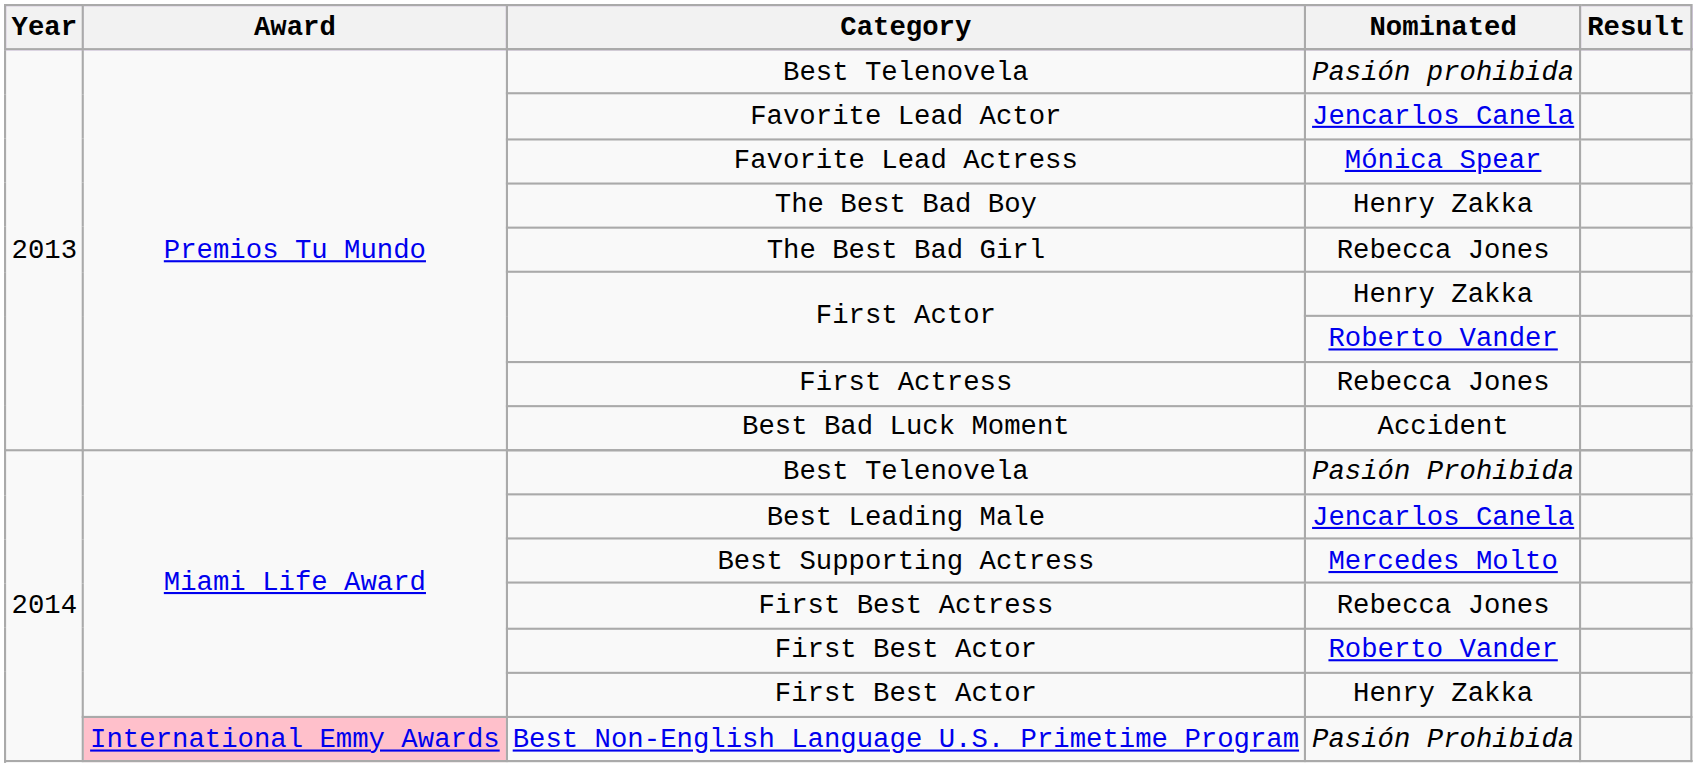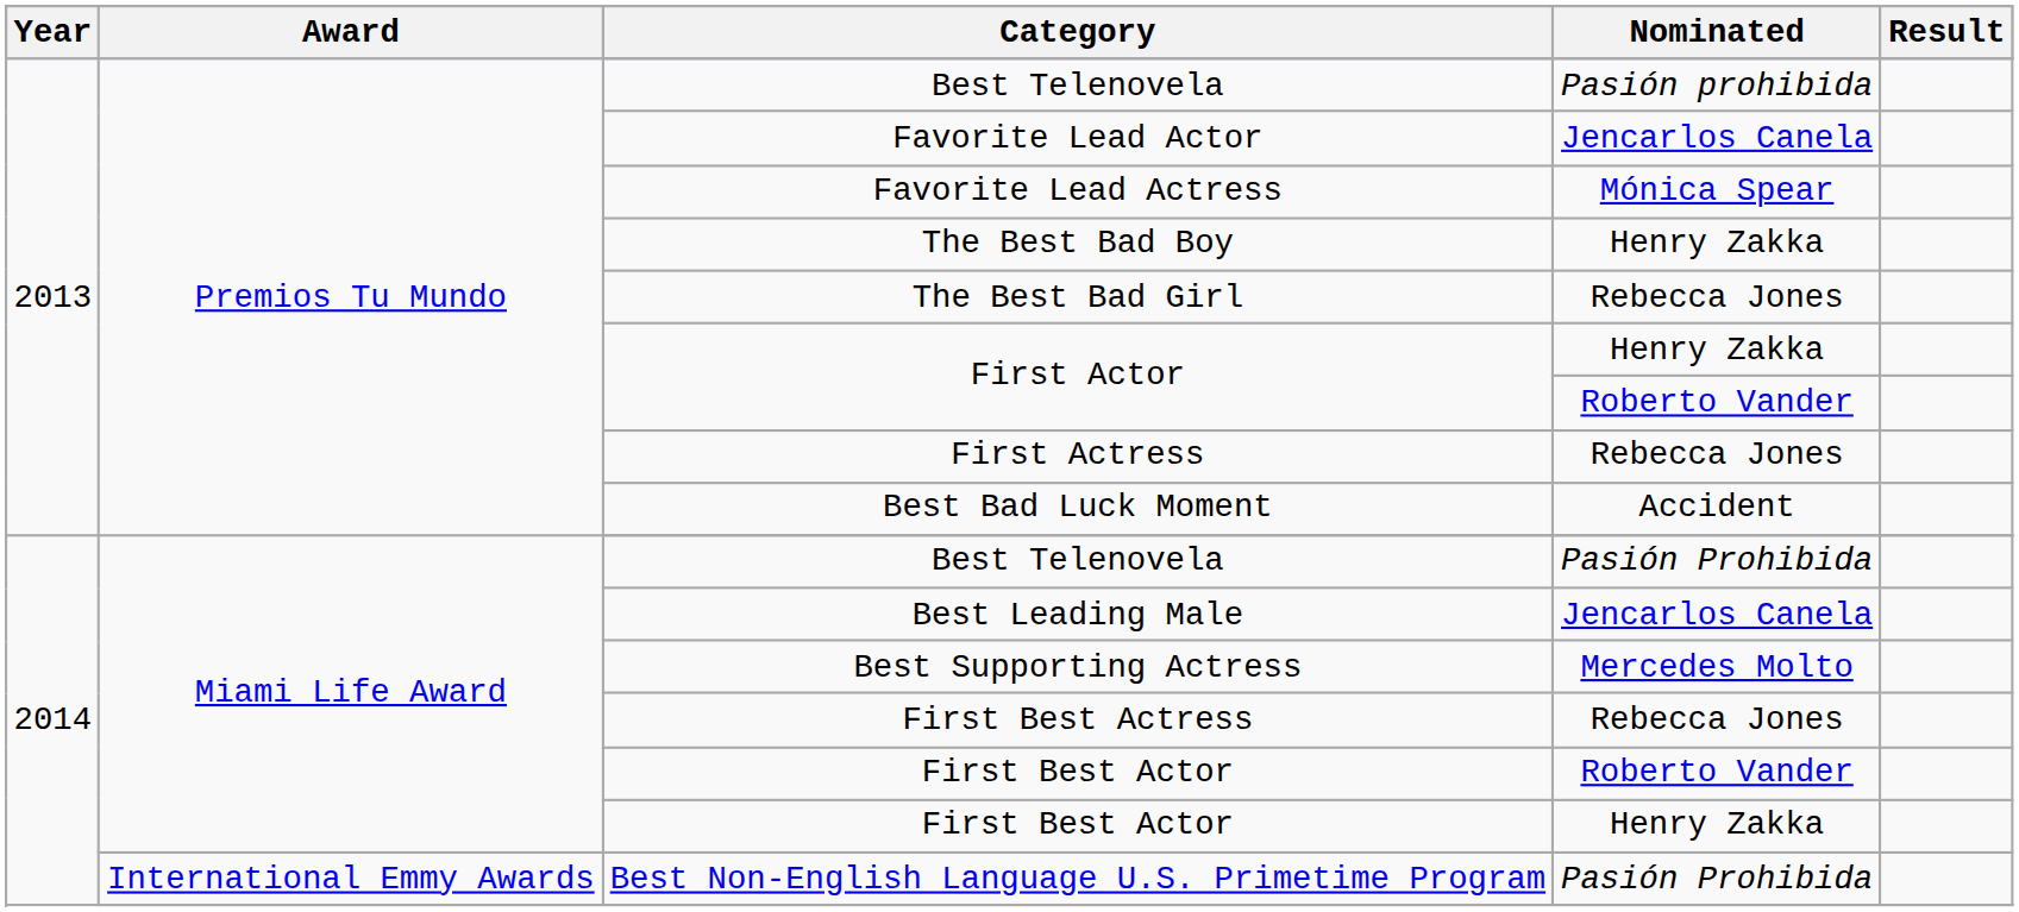 <table class="wikitable plainrowheaders" style="text-align:center">
 <tr style="background:#96c;">
 <th scope="col">Year</th>
 <th scope="col">Award</th>
 <th scope="col">Category</th>
 <th scope="col">Nominated</th>
 <th scope="col">Result</th>
 </tr>
 <tr>
 <td rowspan="10">2013</td>
 <td rowspan="10"><a href='#'>Premios Tu Mundo</a></td>
 </tr>
 <tr>
 <td>Best Telenovela</td>
 <td><em>Pasión prohibida</em></td>
 <td></td>
 </tr>
 <tr>
 <td>Favorite Lead Actor</td>
 <td><a href='#'>Jencarlos Canela</a></td>
 <td></td>
 </tr>
 <tr>
 <td>Favorite Lead Actress</td>
 <td><a href='#'>Mónica Spear</a></td>
 <td></td>
 </tr>
 <tr>
 <td>The Best Bad Boy</td>
 <td>Henry Zakka</td>
 <td></td>
 </tr>
 <tr>
 <td>The Best Bad Girl</td>
 <td>Rebecca Jones</td>
 <td></td>
 </tr>
 <tr>
 <td rowspan="2">First Actor</td>
 <td>Henry Zakka</td>
 <td></td>
 </tr>
 <tr>
 <td><a href='#'>Roberto Vander</a></td>
 <td></td>
 </tr>
 <tr>
 <td>First Actress</td>
 <td>Rebecca Jones</td>
 <td></td>
 </tr>
 <tr>
 <td>Best Bad Luck Moment</td>
 <td>Accident</td>
 <td></td>
 </tr>
 <tr>
 <td rowspan="9">2014</td>
 <td rowspan="7"><a href='#'>Miami Life Award</a></td>
 </tr>
 <tr>
 <td>Best Telenovela</td>
 <td><em>Pasión Prohibida</em></td>
 <td></td>
 </tr>
 <tr>
 <td>Best Leading Male</td>
 <td><a href='#'>Jencarlos Canela</a></td>
 <td></td>
 </tr>
 <tr>
 <td>Best Supporting Actress</td>
 <td><a href='#'>Mercedes Molto</a></td>
 <td></td>
 </tr>
 <tr>
 <td>First Best Actress</td>
 <td>Rebecca Jones</td>
 <td></td>
 </tr>
 <tr>
 <td>First Best Actor</td>
 <td><a href='#'>Roberto Vander</a></td>
 <td></td>
 </tr>
 <tr>
 <td>First Best Actor</td>
 <td>Henry Zakka</td>
 <td></td>
 </tr>
 <tr>
-<td rowspan="1" style="background: pink;"><a href='#'>International Emmy Awards</a></td>
+<td rowspan="1"><a href='#'>International Emmy Awards</a></td>
 <td><a href='#'>Best Non-English Language U.S. Primetime Program</a></td>
 <td><em>Pasión Prohibida</em></td>
 <td></td>
 </tr>
 <tr>
 </tr>
 </table>
